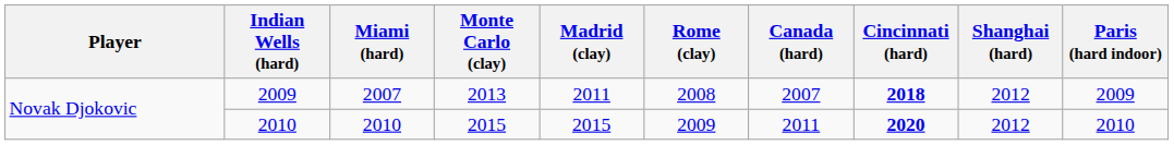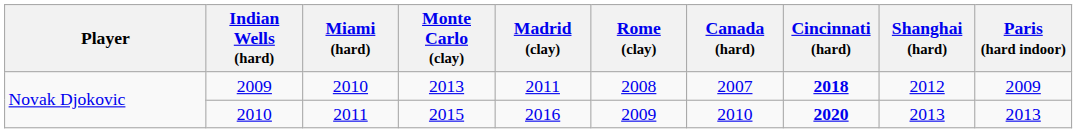 <table class="wikitable nowrap" style="text-align:center">
 <tr>
 <th scope="col" style="width:11em">Player</th>
 <th scope="col" style="width:5em;"><a href='#'>Indian Wells</a><br><small>(hard)</small></th>
 <th scope="col" style="width:5em;"><a href='#'>Miami</a><br><small>(hard)</small></th>
 <th scope="col" style="width:5em;"><a href='#'>Monte Carlo</a><br><small>(clay)</small></th>
 <th scope="col" style="width:5em;"><a href='#'>Madrid</a><br><small>(clay)</small></th>
 <th scope="col" style="width:5em;"><a href='#'>Rome</a><br><small>(clay)</small></th>
 <th scope="col" style="width:5em;"><a href='#'>Canada</a><br><small>(hard)</small></th>
 <th scope="col" style="width:5em;"><a href='#'>Cincinnati</a><br><small>(hard)</small></th>
 <th scope="col" style="width:5em;"><a href='#'>Shanghai</a><br><small>(hard)</small></th>
 <th scope="col" style="width:5em;"><a href='#'>Paris</a><br><small>(hard indoor)</small></th>
 </tr>
 <tr>
 <td rowspan="2" style="text-align:left;"> <a href='#'>Novak Djokovic</a></td>
 <td><a href='#'>2009</a></td>
-<td><a href='#'>2007</a></td>
+<td><a href='#'>2010</a></td>
 <td><a href='#'>2013</a></td>
 <td><a href='#'>2011</a></td>
 <td><a href='#'>2008</a></td>
 <td><a href='#'>2007</a></td>
 <td><strong><a href='#'>2018</a></strong></td>
 <td><a href='#'>2012</a></td>
 <td><a href='#'>2009</a></td>
 </tr>
 <tr>
 <td><a href='#'>2010</a></td>
+<td><a href='#'>2011</a></td>
+<td><a href='#'>2015</a></td>
+<td><a href='#'>2016</a></td>
+<td><a href='#'>2009</a></td>
 <td><a href='#'>2010</a></td>
-<td><a href='#'>2015</a></td>
-<td><a href='#'>2015</a></td>
-<td><a href='#'>2009</a></td>
-<td><a href='#'>2011</a></td>
 <td><strong><a href='#'>2020</a></strong></td>
-<td><a href='#'>2012</a></td>
-<td><a href='#'>2010</a></td>
+<td><a href='#'>2013</a></td>
+<td><a href='#'>2013</a></td>
 </tr>
 </table>
